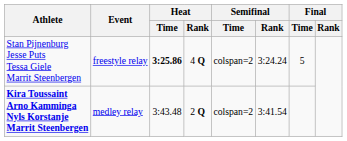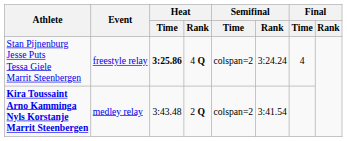 <table class="wikitable" style="font-size:90%;">
 <tr>
 <th rowspan="2">Athlete</th>
 <th rowspan="2">Event</th>
 <th colspan="2">Heat</th>
 <th colspan="2">Semifinal</th>
 <th colspan="2">Final</th>
 </tr>
 <tr>
 <th>Time</th>
 <th>Rank</th>
 <th>Time</th>
 <th>Rank</th>
 <th>Time</th>
 <th>Rank</th>
 </tr>
 <tr align="center">
 <td rowspan="1" align="left"><a href='#'>Stan Pijnenburg</a><br><a href='#'>Jesse Puts</a><br><a href='#'>Tessa Giele</a><br><a href='#'>Marrit Steenbergen</a></td>
 <td align="left"><a href='#'> freestyle relay</a></td>
 <td><strong>3:25.86</strong></td>
 <td>4 <strong>Q</strong></td>
 <td>colspan=2 </td>
 <td>3:24.24</td>
-<td>5</td>
+<td>4</td>
 </tr>
 <tr align="center">
 <td rowspan="1" align="left"><strong><a href='#'>Kira Toussaint</a><br><a href='#'>Arno Kamminga</a><br><a href='#'>Nyls Korstanje</a><br><a href='#'>Marrit Steenbergen</a></strong></td>
 <td align="left"><a href='#'> medley relay</a></td>
 <td>3:43.48</td>
 <td>2 <strong>Q</strong></td>
 <td>colspan=2 </td>
 <td>3:41.54</td>
 <td></td>
 </tr>
 </table>
